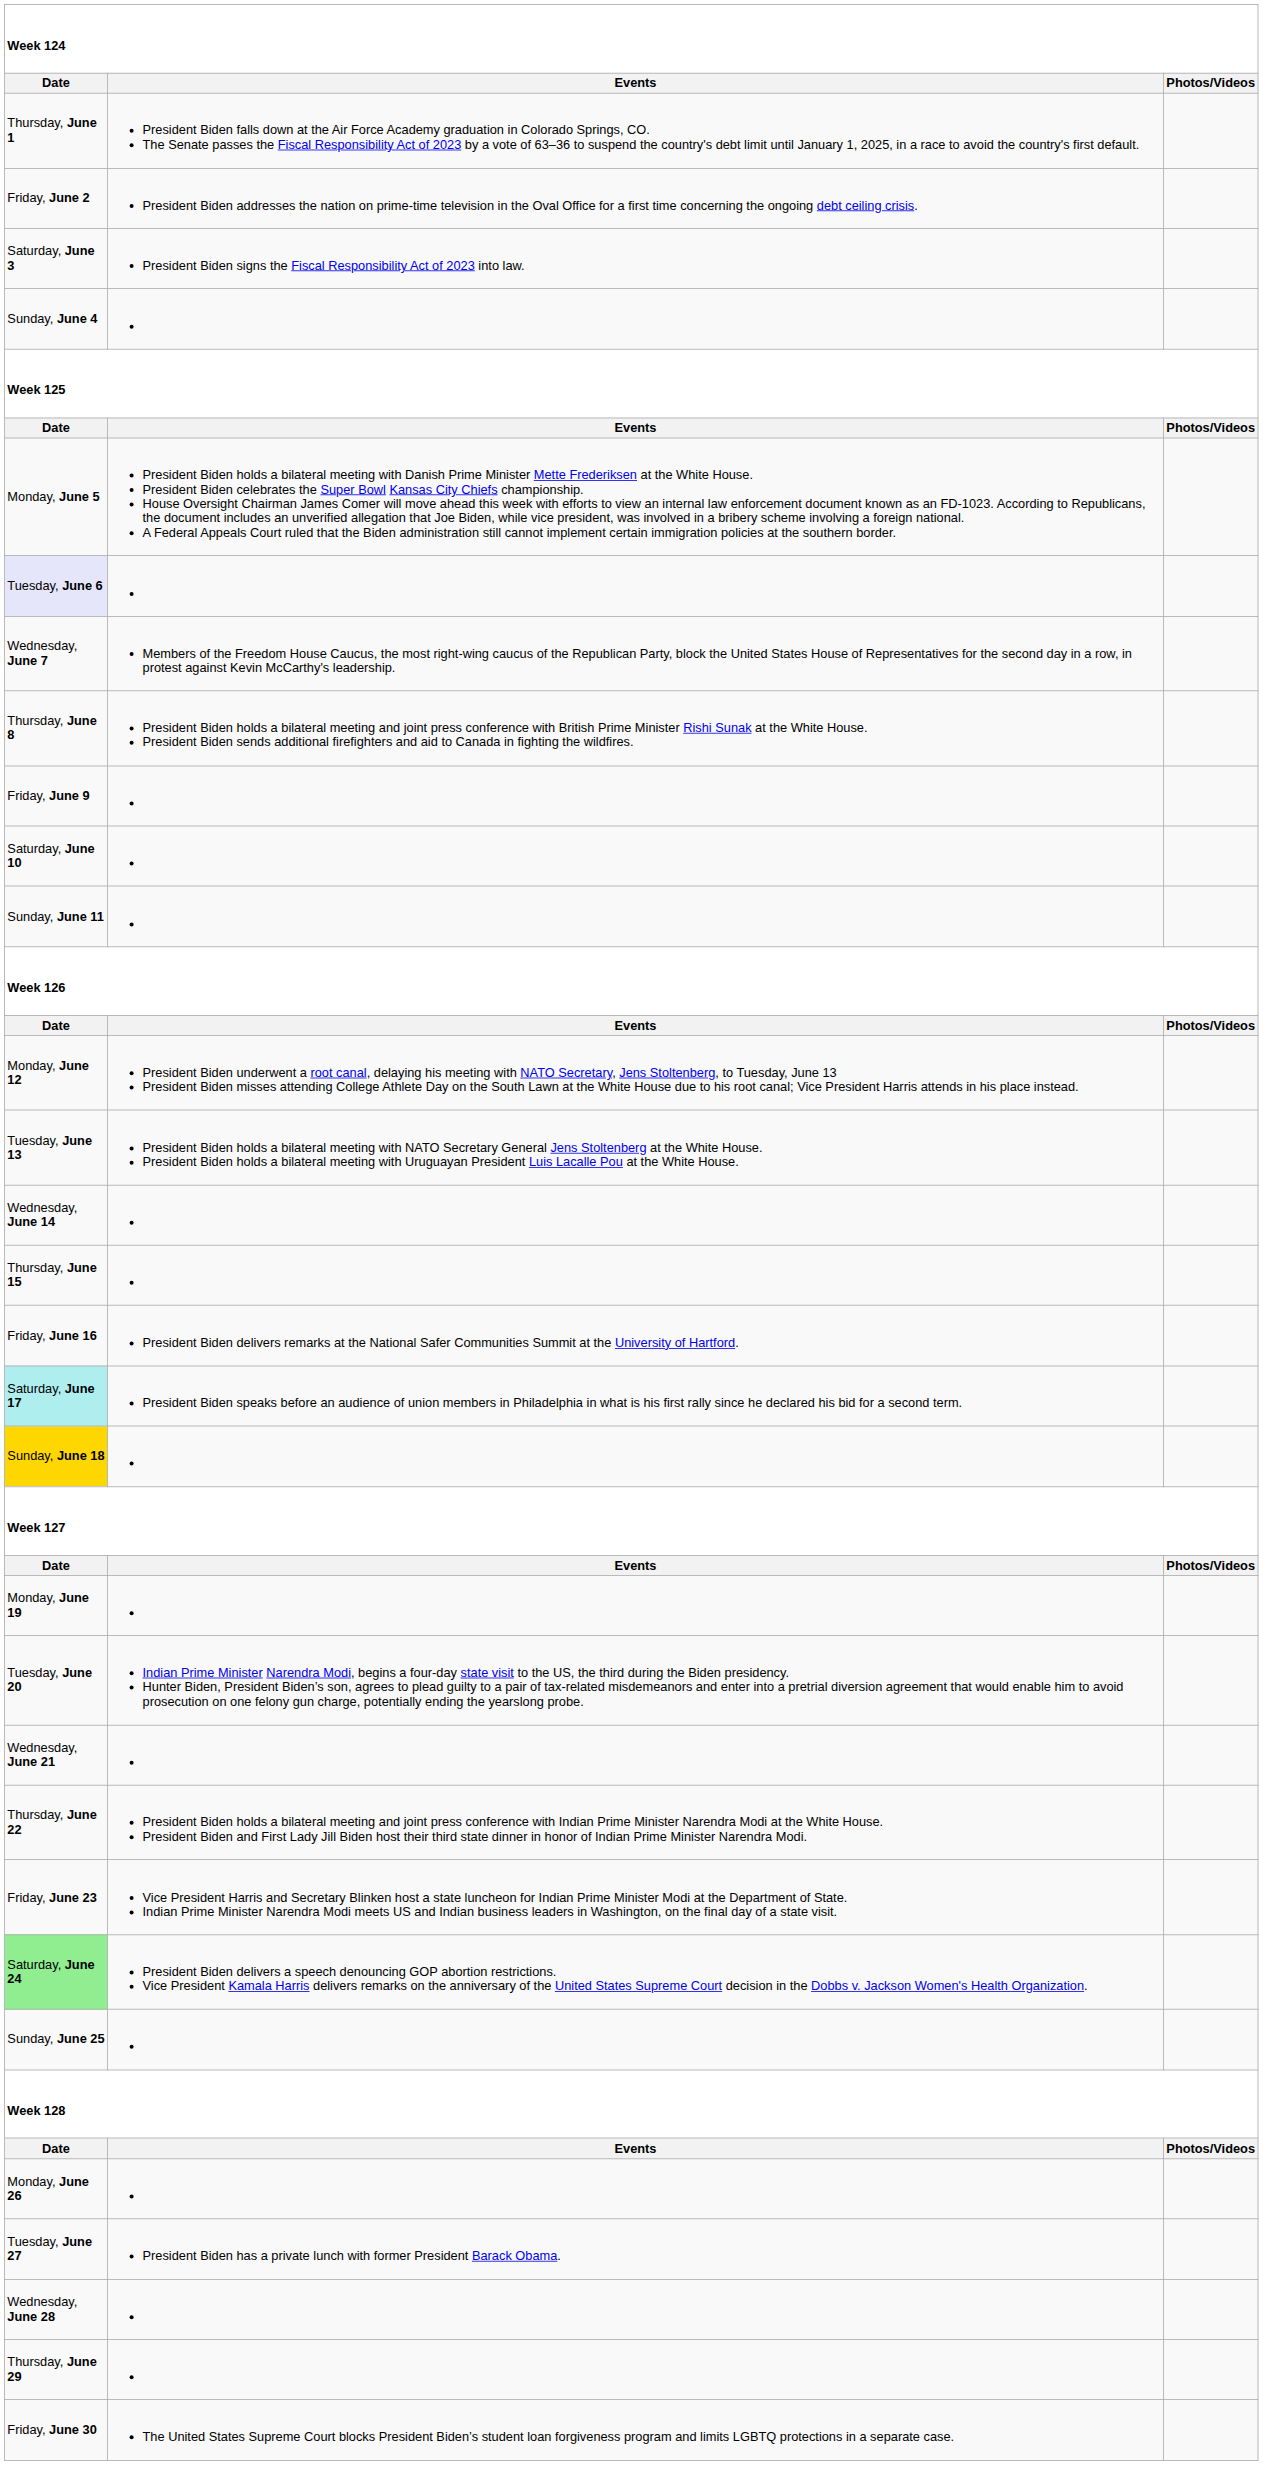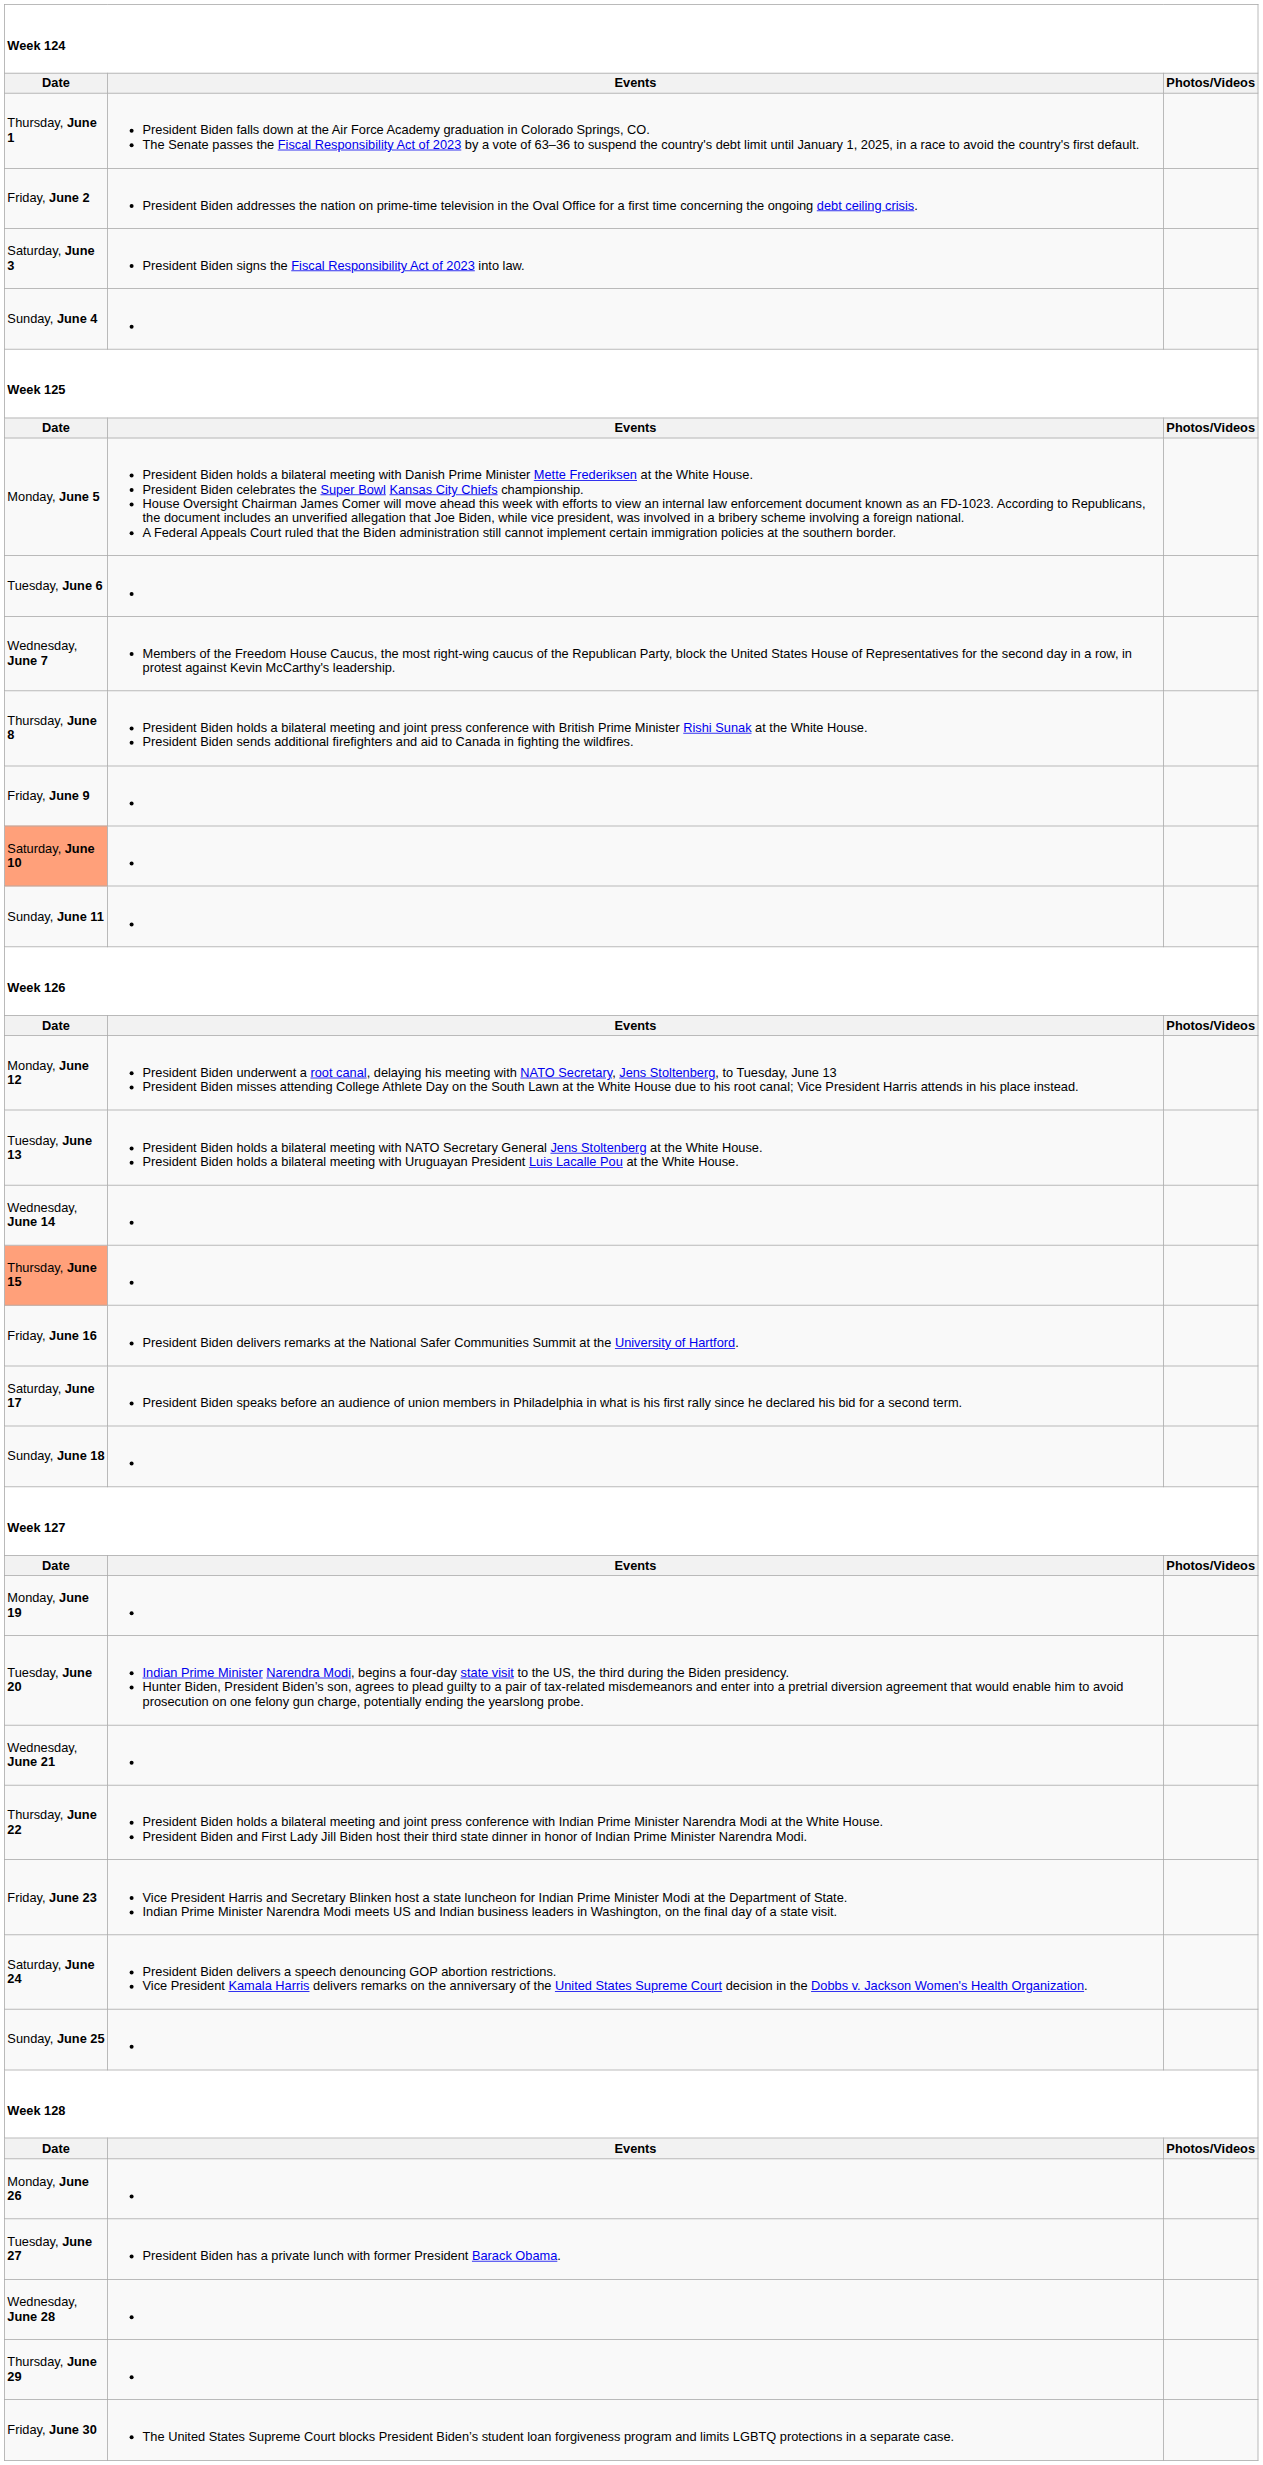 <table class="wikitable">
 <tr style="background:white;">
 <td colspan="3"><br><h4>Week 124</h4></td>
 </tr>
 <tr>
 <th>Date</th>
 <th>Events</th>
 <th>Photos/Videos</th>
 </tr>
 <tr>
 <td>Thursday, <strong>June 1</strong></td>
 <td><br><ul><li>President Biden falls down at the Air Force Academy graduation in Colorado Springs, CO.</li><li>The Senate passes the <a href='#'>Fiscal Responsibility Act of 2023</a> by a vote of 63–36 to suspend the country's debt limit until January 1, 2025, in a race to avoid the country's first default.</li></ul></td>
 <td></td>
 </tr>
 <tr>
 <td>Friday, <strong>June 2</strong></td>
 <td><br><ul><li>President Biden addresses the nation on prime-time television in the Oval Office for a first time concerning the ongoing <a href='#'>debt ceiling crisis</a>.</li></ul></td>
 <td></td>
 </tr>
 <tr>
 <td>Saturday, <strong>June 3</strong></td>
 <td><br><ul><li>President Biden signs the <a href='#'>Fiscal Responsibility Act of 2023</a> into law.</li></ul></td>
 <td></td>
 </tr>
 <tr>
 <td>Sunday, <strong>June 4</strong></td>
 <td><br><ul><li></li></ul></td>
 <td></td>
 </tr>
 <tr style="background:white;">
 <td colspan="3"><br><h4>Week 125</h4></td>
 </tr>
 <tr>
 <th>Date</th>
 <th>Events</th>
 <th>Photos/Videos</th>
 </tr>
 <tr>
 <td>Monday, <strong>June 5</strong></td>
 <td><br><ul><li>President Biden holds a bilateral meeting with Danish Prime Minister <a href='#'>Mette Frederiksen</a> at the White House.</li><li>President Biden celebrates the <a href='#'>Super Bowl</a> <a href='#'>Kansas City Chiefs</a> championship.</li><li>House Oversight Chairman James Comer will move ahead this week with efforts to view an internal law enforcement document known as an FD-1023. According to Republicans, the document includes an unverified allegation that Joe Biden, while vice president, was involved in a bribery scheme involving a foreign national.</li><li>A Federal Appeals Court ruled that the Biden administration still cannot implement certain immigration policies at the southern border.</li></ul></td>
 <td><br></td>
 </tr>
 <tr>
-<td style="background: lavender;">Tuesday, <strong>June 6</strong></td>
+<td>Tuesday, <strong>June 6</strong></td>
 <td><br><ul><li></li></ul></td>
 <td></td>
 </tr>
 <tr>
 <td>Wednesday, <strong>June 7</strong></td>
 <td><br><ul><li>Members of the Freedom House Caucus, the most right-wing caucus of the Republican Party, block the United States House of Representatives for the second day in a row, in protest against Kevin McCarthy's leadership.</li></ul></td>
 <td></td>
 </tr>
 <tr>
 <td>Thursday, <strong>June 8</strong></td>
 <td><br><ul><li>President Biden holds a bilateral meeting and joint press conference with British Prime Minister <a href='#'>Rishi Sunak</a> at the White House.</li><li>President Biden sends additional firefighters and aid to Canada in fighting the wildfires.</li></ul></td>
 <td></td>
 </tr>
 <tr>
 <td>Friday, <strong>June 9</strong></td>
 <td><br><ul><li></li></ul></td>
 <td></td>
 </tr>
 <tr>
-<td>Saturday, <strong>June 10</strong></td>
+<td style="background: lightsalmon;">Saturday, <strong>June 10</strong></td>
 <td><br><ul><li></li></ul></td>
 <td></td>
 </tr>
 <tr>
 <td>Sunday, <strong>June 11</strong></td>
 <td><br><ul><li></li></ul></td>
 <td></td>
 </tr>
 <tr style="background:white;">
 <td colspan="3"><br><h4>Week 126</h4></td>
 </tr>
 <tr>
 <th>Date</th>
 <th>Events</th>
 <th>Photos/Videos</th>
 </tr>
 <tr>
 <td>Monday, <strong>June 12</strong></td>
 <td><br><ul><li>President Biden underwent a <a href='#'>root canal</a>, delaying his meeting with <a href='#'>NATO Secretary</a>, <a href='#'>Jens Stoltenberg</a>, to Tuesday, June 13</li><li>President Biden misses attending College Athlete Day on the South Lawn at the White House due to his root canal; Vice President Harris attends in his place instead.</li></ul></td>
 <td></td>
 </tr>
 <tr>
 <td>Tuesday, <strong>June 13</strong></td>
 <td><br><ul><li>President Biden holds a bilateral meeting with NATO Secretary General <a href='#'>Jens Stoltenberg</a> at the White House.</li><li>President Biden holds a bilateral meeting with Uruguayan President <a href='#'>Luis Lacalle Pou</a> at the White House.</li></ul></td>
 <td><br></td>
 </tr>
 <tr>
 <td>Wednesday, <strong>June 14</strong></td>
 <td><br><ul><li></li></ul></td>
 <td></td>
 </tr>
 <tr>
-<td>Thursday, <strong>June 15</strong></td>
+<td style="background: lightsalmon;">Thursday, <strong>June 15</strong></td>
 <td><br><ul><li></li></ul></td>
 <td></td>
 </tr>
 <tr>
 <td>Friday, <strong>June 16</strong></td>
 <td><br><ul><li>President Biden delivers remarks at the National Safer Communities Summit at the <a href='#'>University of Hartford</a>.</li></ul></td>
 <td></td>
 </tr>
 <tr>
-<td style="background: paleturquoise;">Saturday, <strong>June 17</strong></td>
+<td>Saturday, <strong>June 17</strong></td>
 <td><br><ul><li>President Biden speaks before an audience of union members in Philadelphia in what is his first rally since he declared his bid for a second term.</li></ul></td>
 <td></td>
 </tr>
 <tr>
-<td style="background: gold;">Sunday, <strong>June 18</strong></td>
+<td>Sunday, <strong>June 18</strong></td>
 <td><br><ul><li></li></ul></td>
 <td></td>
 </tr>
 <tr style="background:white;">
 <td colspan="3"><br><h4>Week 127</h4></td>
 </tr>
 <tr>
 <th>Date</th>
 <th>Events</th>
 <th>Photos/Videos</th>
 </tr>
 <tr>
 <td>Monday, <strong>June 19</strong></td>
 <td><br><ul><li></li></ul></td>
 <td></td>
 </tr>
 <tr>
 <td>Tuesday, <strong>June 20</strong></td>
 <td><br><ul><li><a href='#'>Indian Prime Minister</a> <a href='#'>Narendra Modi</a>, begins a four-day <a href='#'>state visit</a> to the US, the third during the Biden presidency.</li><li>Hunter Biden, President Biden’s son, agrees to plead guilty to a pair of tax-related misdemeanors and enter into a pretrial diversion agreement that would enable him to avoid prosecution on one felony gun charge, potentially ending the yearslong probe.</li></ul></td>
 <td></td>
 </tr>
 <tr>
 <td>Wednesday, <strong>June 21</strong></td>
 <td><br><ul><li></li></ul></td>
 <td></td>
 </tr>
 <tr>
 <td>Thursday, <strong>June 22</strong></td>
 <td><br><ul><li>President Biden holds a bilateral meeting and joint press conference with Indian Prime Minister Narendra Modi at the White House.</li><li>President Biden and First Lady Jill Biden host their third state dinner in honor of Indian Prime Minister Narendra Modi.</li></ul></td>
 <td></td>
 </tr>
 <tr>
 <td>Friday, <strong>June 23</strong></td>
 <td><br><ul><li>Vice President Harris and Secretary Blinken host a state luncheon for Indian Prime Minister Modi at the Department of State.</li><li>Indian Prime Minister Narendra Modi meets US and Indian business leaders in Washington, on the final day of a state visit.</li></ul></td>
 <td></td>
 </tr>
 <tr>
-<td style="background: lightgreen;">Saturday, <strong>June 24</strong></td>
+<td>Saturday, <strong>June 24</strong></td>
 <td><br><ul><li>President Biden delivers a speech denouncing GOP abortion restrictions.</li><li>Vice President <a href='#'>Kamala Harris</a> delivers remarks on the anniversary of the <a href='#'>United States Supreme Court</a> decision in the <a href='#'>Dobbs v. Jackson Women's Health Organization</a>.</li></ul></td>
 <td></td>
 </tr>
 <tr>
 <td>Sunday, <strong>June 25</strong></td>
 <td><br><ul><li></li></ul></td>
 <td></td>
 </tr>
 <tr style="background:white;">
 <td colspan="3"><br><h4>Week 128</h4></td>
 </tr>
 <tr>
 <th>Date</th>
 <th>Events</th>
 <th>Photos/Videos</th>
 </tr>
 <tr>
 <td>Monday, <strong>June 26</strong></td>
 <td><br><ul><li></li></ul></td>
 <td></td>
 </tr>
 <tr>
 <td>Tuesday, <strong>June 27</strong></td>
 <td><br><ul><li>President Biden has a private lunch with former President <a href='#'>Barack Obama</a>.</li></ul></td>
 <td></td>
 </tr>
 <tr>
 <td>Wednesday, <strong>June 28</strong></td>
 <td><br><ul><li></li></ul></td>
 <td></td>
 </tr>
 <tr>
 <td>Thursday, <strong>June 29</strong></td>
 <td><br><ul><li></li></ul></td>
 <td></td>
 </tr>
 <tr>
 <td>Friday, <strong>June 30</strong></td>
 <td><br><ul><li>The United States Supreme Court blocks President Biden’s student loan forgiveness program and limits LGBTQ protections in a separate case.</li></ul></td>
 <td></td>
 </tr>
 </table>
